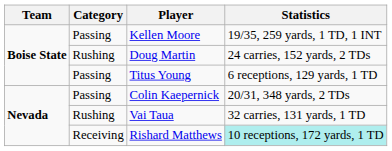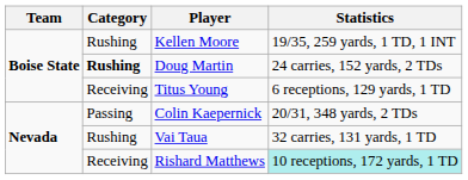 <table class="wikitable" style="float: left;">
 <tr>
 <th>Team</th>
 <th>Category</th>
 <th>Player</th>
 <th>Statistics</th>
 </tr>
 <tr>
 <td rowspan=3><strong>Boise State</strong></td>
-<td>Passing</td>
+<td>Rushing</td>
 <td><a href='#'>Kellen Moore</a></td>
 <td>19/35, 259 yards, 1 TD, 1 INT</td>
 </tr>
 <tr>
-<td>Rushing</td>
+<td><strong>Rushing</strong></td>
 <td><a href='#'>Doug Martin</a></td>
 <td>24 carries, 152 yards, 2 TDs</td>
 </tr>
 <tr>
-<td>Passing</td>
+<td>Receiving</td>
 <td><a href='#'>Titus Young</a></td>
 <td>6 receptions, 129 yards, 1 TD</td>
 </tr>
 <tr>
 <td rowspan=3><strong>Nevada</strong></td>
 <td>Passing</td>
 <td><a href='#'>Colin Kaepernick</a></td>
 <td>20/31, 348 yards, 2 TDs</td>
 </tr>
 <tr>
 <td>Rushing</td>
 <td><a href='#'>Vai Taua</a></td>
 <td>32 carries, 131 yards, 1 TD</td>
 </tr>
 <tr>
 <td>Receiving</td>
 <td><a href='#'>Rishard Matthews</a></td>
 <td style="background: paleturquoise;">10 receptions, 172 yards, 1 TD</td>
 </tr>
 </table>
